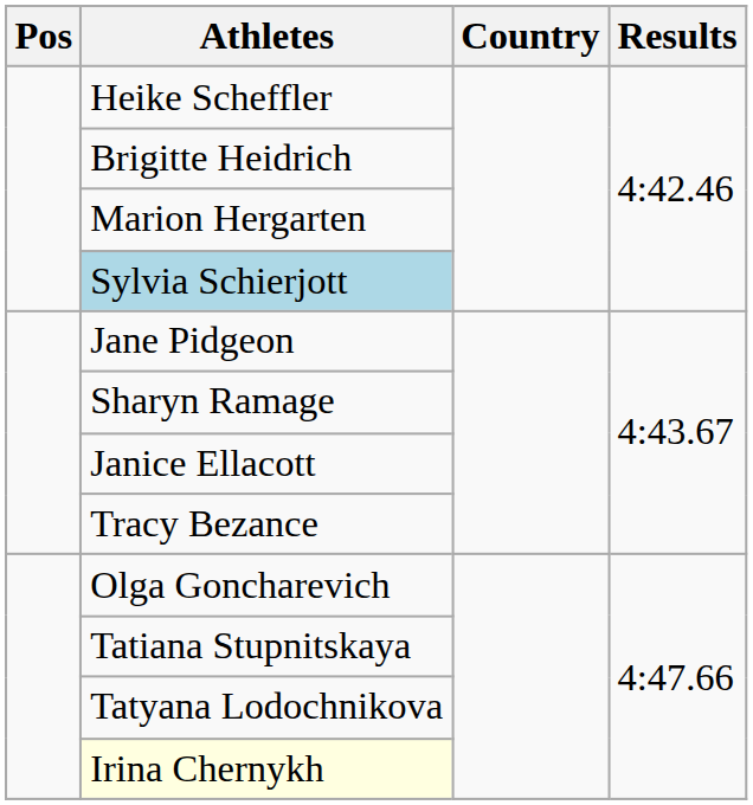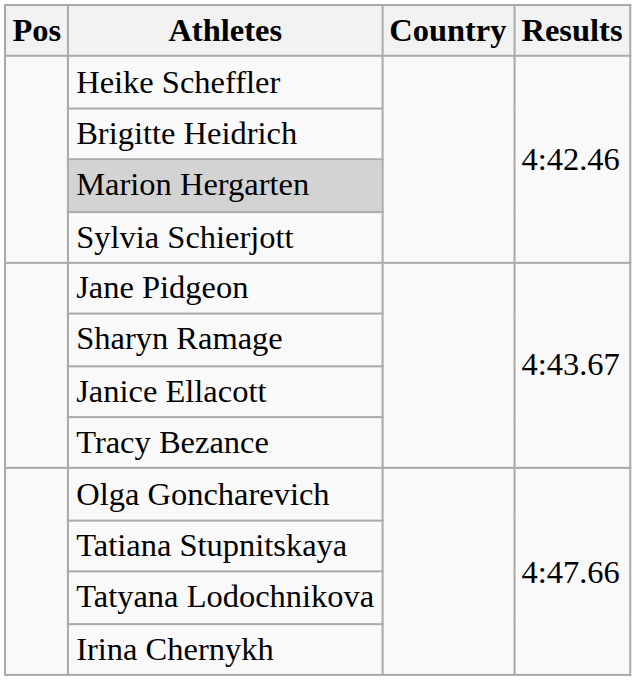 <table class="wikitable">
 <tr>
 <th>Pos</th>
 <th>Athletes</th>
 <th>Country</th>
 <th>Results</th>
 </tr>
 <tr>
 <td rowspan="4"></td>
 <td>Heike Scheffler</td>
 <td rowspan="4"></td>
 <td rowspan="4">4:42.46</td>
 </tr>
 <tr>
 <td>Brigitte Heidrich</td>
 </tr>
 <tr>
-<td>Marion Hergarten</td>
+<td style="background: lightgrey;">Marion Hergarten</td>
 </tr>
 <tr>
-<td style="background: lightblue;">Sylvia Schierjott</td>
+<td>Sylvia Schierjott</td>
 </tr>
 <tr>
 <td rowspan="4"></td>
 <td>Jane Pidgeon</td>
 <td rowspan="4"></td>
 <td rowspan="4">4:43.67</td>
 </tr>
 <tr>
 <td>Sharyn Ramage</td>
 </tr>
 <tr>
 <td>Janice Ellacott</td>
 </tr>
 <tr>
 <td>Tracy Bezance</td>
 </tr>
 <tr>
 <td rowspan="4"></td>
 <td>Olga Goncharevich</td>
 <td rowspan="4"></td>
 <td rowspan="4">4:47.66</td>
 </tr>
 <tr>
 <td>Tatiana Stupnitskaya</td>
 </tr>
 <tr>
 <td>Tatyana Lodochnikova</td>
 </tr>
 <tr>
-<td style="background: lightyellow;">Irina Chernykh</td>
+<td>Irina Chernykh</td>
 </tr>
 </table>
